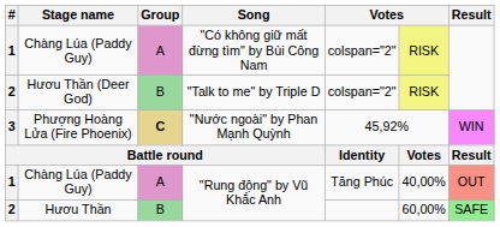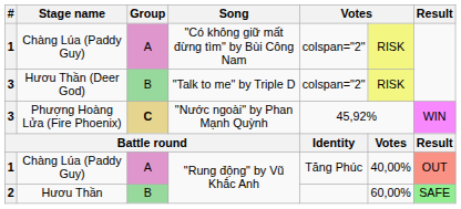 <table class="wikitable plainrowheaders" style="text-align: center;">
 <tr>
 <th>#</th>
 <th>Stage name</th>
 <th>Group</th>
 <th>Song</th>
 <th colspan="2">Votes</th>
 <th>Result</th>
 </tr>
 <tr>
 <th>1</th>
 <td>Chàng Lúa (Paddy Guy)</td>
 <td bgcolor="#DE96CD">A</td>
 <td>"Có không giữ mất đừng tìm" by Bùi Công Nam</td>
 <td>colspan="2" </td>
 <td bgcolor="#F3F781">RISK</td>
 </tr>
 <tr>
-<th>2</th>
+<th>3</th>
 <td>Hươu Thần (Deer God)</td>
 <td bgcolor="#97D89D">B</td>
 <td>"Talk to me" by Triple D</td>
 <td>colspan="2" </td>
 <td bgcolor="#F3F781">RISK</td>
 </tr>
 <tr>
 <th>3</th>
 <td>Phượng Hoàng Lửa (Fire Phoenix)</td>
 <td bgcolor="#E5D58E"><strong>C</strong></td>
 <td>"Nước ngoài" by Phan Mạnh Quỳnh</td>
 <td colspan="2">45,92%</td>
 <td bgcolor="#F888FD">WIN</td>
 </tr>
 <tr>
 <th colspan="4">Battle round</th>
 <th>Identity</th>
 <th>Votes</th>
 <th>Result</th>
 </tr>
 <tr>
 <th>1</th>
 <td>Chàng Lúa (Paddy Guy)</td>
 <td bgcolor="#DE96CD">A</td>
 <td rowspan="2">"Rung động" by Vũ Khắc Anh</td>
 <td>Tăng Phúc</td>
 <td>40,00%</td>
 <td bgcolor="#F99185">OUT</td>
 </tr>
 <tr>
 <th>2</th>
 <td>Hươu Thần</td>
 <td bgcolor="#97D89D">B</td>
 <td></td>
 <td>60,00%</td>
 <td bgcolor=lightgreen>SAFE</td>
 </tr>
 </table>
